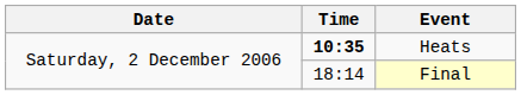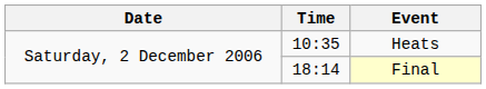 <table class = "wikitable" style="text-align:center;">
 <tr>
 <th width=220>Date</th>
 <th width=50>Time</th>
 <th width=100>Event</th>
 </tr>
 <tr>
 <td rowspan=2>Saturday, 2 December 2006</td>
-<td><strong>10:35</strong></td>
+<td>10:35</td>
 <td>Heats</td>
 </tr>
 <tr>
 <td>18:14</td>
 <td bgcolor=ffffcc>Final</td>
 </tr>
 </table>
